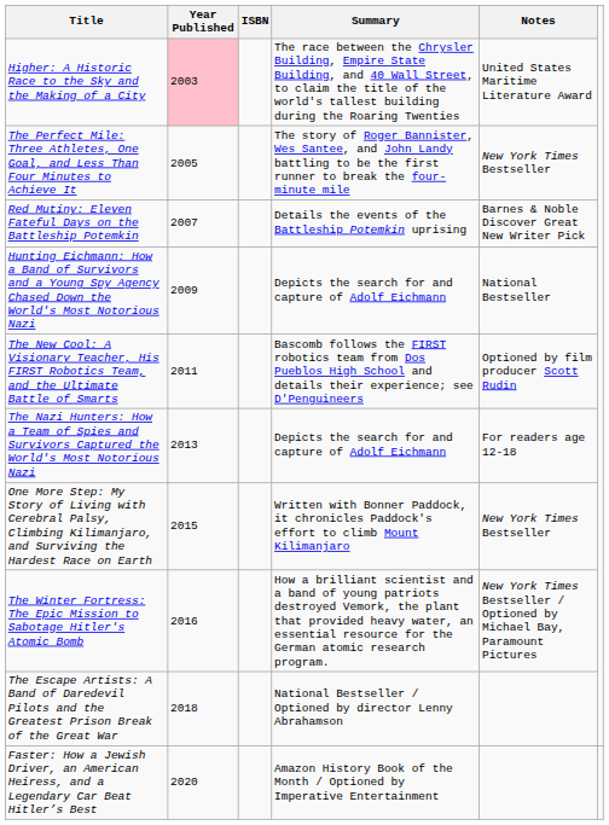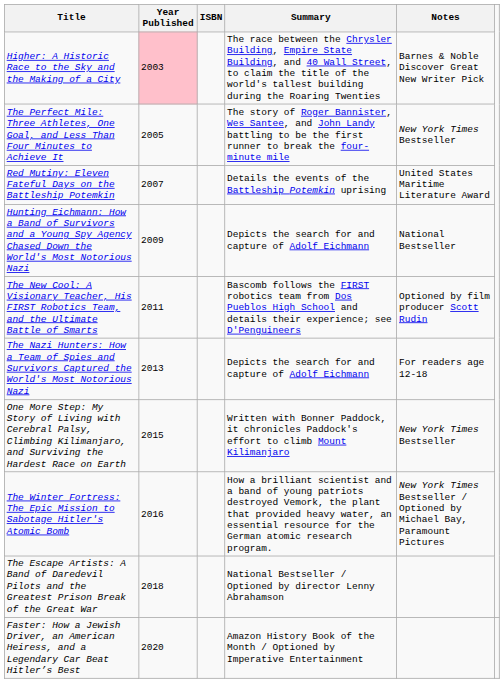 <table class="wikitable" style="font-size:90%; width: 98%;">
 <tr>
 <th>Title</th>
 <th>Year Published</th>
 <th>ISBN</th>
 <th>Summary</th>
 <th>Notes</th>
 </tr>
 <tr>
 <td><em><a href='#'>Higher: A Historic Race to the Sky and the Making of a City</a></em></td>
 <td style="background: pink;">2003</td>
 <td></td>
 <td>The race between the <a href='#'>Chrysler Building</a>, <a href='#'>Empire State Building</a>, and <a href='#'>40 Wall Street</a>, to claim the title of the world's tallest building during the Roaring Twenties</td>
-<td>United States Maritime Literature Award</td>
+<td>Barnes & Noble Discover Great New Writer Pick</td>
 </tr>
 <tr>
 <td><em><a href='#'>The Perfect Mile: Three Athletes, One Goal, and Less Than Four Minutes to Achieve It</a></em></td>
 <td>2005</td>
 <td></td>
 <td>The story of <a href='#'>Roger Bannister</a>, <a href='#'>Wes Santee</a>, and <a href='#'>John Landy</a> battling to be the first runner to break the <a href='#'>four-minute mile</a></td>
 <td><em>New York Times</em> Bestseller</td>
 </tr>
 <tr>
 <td><em><a href='#'>Red Mutiny: Eleven Fateful Days on the Battleship Potemkin</a></em></td>
 <td>2007</td>
 <td></td>
 <td>Details the events of the <a href='#'>Battleship <em>Potemkin</em></a> uprising</td>
-<td>Barnes & Noble Discover Great New Writer Pick</td>
+<td>United States Maritime Literature Award</td>
 </tr>
 <tr>
 <td><em><a href='#'>Hunting Eichmann: How a Band of Survivors and a Young Spy Agency Chased Down the World's Most Notorious Nazi</a></em></td>
 <td>2009</td>
 <td></td>
 <td>Depicts the search for and capture of <a href='#'>Adolf Eichmann</a></td>
 <td>National Bestseller</td>
 </tr>
 <tr>
 <td><a href='#'><em>The New Cool: A Visionary Teacher, His FIRST Robotics Team, and the Ultimate Battle of Smarts</em></a></td>
 <td>2011</td>
 <td></td>
 <td>Bascomb follows the <a href='#'>FIRST</a> robotics team from <a href='#'>Dos Pueblos High School</a> and details their experience; see <a href='#'>D'Penguineers</a></td>
 <td>Optioned by film producer <a href='#'>Scott Rudin</a></td>
 </tr>
 <tr>
 <td><em><a href='#'>The Nazi Hunters: How a Team of Spies and Survivors Captured the World's Most Notorious Nazi</a></em></td>
 <td>2013</td>
 <td></td>
 <td>Depicts the search for and capture of <a href='#'>Adolf Eichmann</a></td>
 <td>For readers age 12-18</td>
 </tr>
 <tr>
 <td><em>One More Step: My Story of Living with Cerebral Palsy, Climbing Kilimanjaro, and Surviving the Hardest Race on Earth</em></td>
 <td>2015</td>
 <td></td>
 <td>Written with Bonner Paddock, it chronicles Paddock's effort to climb <a href='#'>Mount Kilimanjaro</a></td>
 <td><em>New York Times</em> Bestseller</td>
 </tr>
 <tr>
 <td><a href='#'><em>The Winter Fortress: The Epic Mission to Sabotage Hitler's Atomic Bomb</em></a></td>
 <td>2016</td>
 <td></td>
 <td>How a brilliant scientist and a band of young patriots destroyed Vemork, the plant that provided heavy water, an essential resource for the German atomic research program.</td>
 <td><em>New York Times</em> Bestseller / Optioned by Michael Bay, Paramount Pictures</td>
 </tr>
 <tr>
 <td><em>The Escape Artists: A Band of Daredevil Pilots and the Greatest Prison Break of the Great War</em></td>
 <td>2018</td>
 <td></td>
 <td>National Bestseller / Optioned by director Lenny Abrahamson</td>
 <td></td>
 </tr>
 <tr>
 <td><em>Faster: How a Jewish Driver, an American Heiress, and a Legendary Car Beat Hitler’s Best</em></td>
 <td>2020</td>
 <td></td>
 <td>Amazon History Book of the Month / Optioned by Imperative Entertainment</td>
 <td></td>
 <td></td>
 </tr>
 </table>
